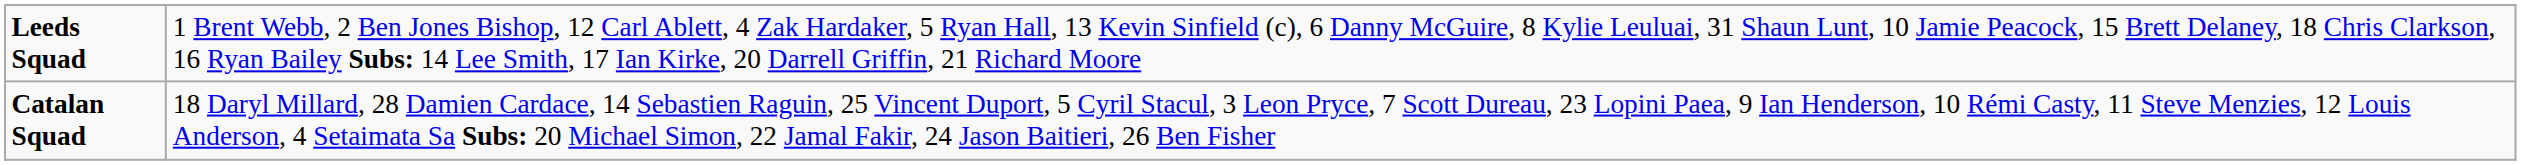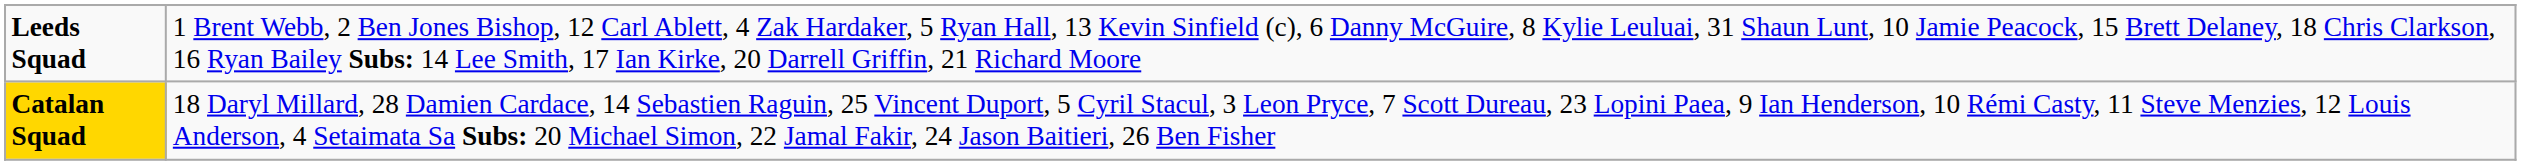 <table class="wikitable" style="font-size:85%;">
 <tr>
 <td><strong>Leeds Squad</strong></td>
 <td>1 <a href='#'>Brent Webb</a>, 2 <a href='#'>Ben Jones Bishop</a>, 12 <a href='#'>Carl Ablett</a>, 4 <a href='#'>Zak Hardaker</a>, 5 <a href='#'>Ryan Hall</a>, 13 <a href='#'>Kevin Sinfield</a> (c), 6 <a href='#'>Danny McGuire</a>, 8 <a href='#'>Kylie Leuluai</a>, 31 <a href='#'>Shaun Lunt</a>, 10 <a href='#'>Jamie Peacock</a>, 15 <a href='#'>Brett Delaney</a>, 18 <a href='#'>Chris Clarkson</a>, 16 <a href='#'>Ryan Bailey</a> <strong>Subs:</strong> 14 <a href='#'>Lee Smith</a>, 17 <a href='#'>Ian Kirke</a>, 20 <a href='#'>Darrell Griffin</a>, 21 <a href='#'>Richard Moore</a></td>
 </tr>
 <tr>
-<td><strong>Catalan Squad</strong></td>
+<td style="background: gold;"><strong>Catalan Squad</strong></td>
 <td>18 <a href='#'>Daryl Millard</a>, 28 <a href='#'>Damien Cardace</a>, 14 <a href='#'>Sebastien Raguin</a>, 25 <a href='#'>Vincent Duport</a>, 5 <a href='#'>Cyril Stacul</a>, 3 <a href='#'>Leon Pryce</a>, 7 <a href='#'>Scott Dureau</a>, 23 <a href='#'>Lopini Paea</a>, 9 <a href='#'>Ian Henderson</a>, 10 <a href='#'>Rémi Casty</a>, 11 <a href='#'>Steve Menzies</a>, 12 <a href='#'>Louis Anderson</a>, 4 <a href='#'>Setaimata Sa</a> <strong>Subs:</strong> 20 <a href='#'>Michael Simon</a>, 22 <a href='#'>Jamal Fakir</a>, 24 <a href='#'>Jason Baitieri</a>, 26 <a href='#'>Ben Fisher</a></td>
 </tr>
 </table>
